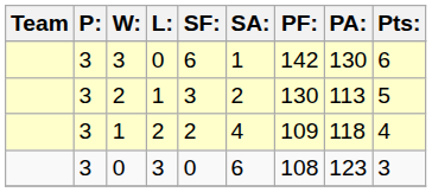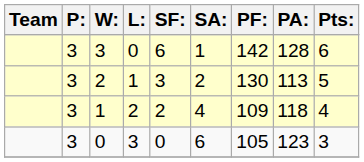 <table class="wikitable">
 <tr>
 <th>Team</th>
 <th>P:</th>
 <th>W:</th>
 <th>L:</th>
 <th>SF:</th>
 <th>SA:</th>
 <th>PF:</th>
 <th>PA:</th>
 <th>Pts:</th>
 </tr>
 <tr valign="top">
 </tr>
 <tr bgcolor="#ffffcc">
 <td></td>
 <td>3</td>
 <td>3</td>
 <td>0</td>
 <td>6</td>
 <td>1</td>
 <td>142</td>
-<td>130</td>
+<td>128</td>
 <td>6</td>
 </tr>
 <tr bgcolor="#ffffcc">
 <td></td>
 <td>3</td>
 <td>2</td>
 <td>1</td>
 <td>3</td>
 <td>2</td>
 <td>130</td>
 <td>113</td>
 <td>5</td>
 </tr>
 <tr bgcolor="#ffffcc">
 <td></td>
 <td>3</td>
 <td>1</td>
 <td>2</td>
 <td>2</td>
 <td>4</td>
 <td>109</td>
 <td>118</td>
 <td>4</td>
 </tr>
 <tr>
 <td></td>
 <td>3</td>
 <td>0</td>
 <td>3</td>
 <td>0</td>
 <td>6</td>
-<td>108</td>
+<td>105</td>
 <td>123</td>
 <td>3</td>
 </tr>
 <tr>
 </tr>
 </table>
